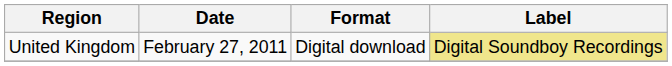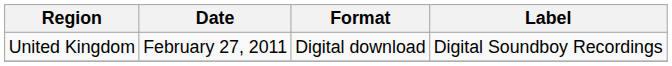 <table class=wikitable>
 <tr>
 <th>Region</th>
 <th>Date</th>
 <th>Format</th>
 <th>Label</th>
 </tr>
 <tr>
 <td>United Kingdom</td>
 <td>February 27, 2011</td>
 <td>Digital download</td>
-<td style="background: khaki;">Digital Soundboy Recordings</td>
+<td>Digital Soundboy Recordings</td>
 </tr>
 <tr>
 </tr>
 </table>
